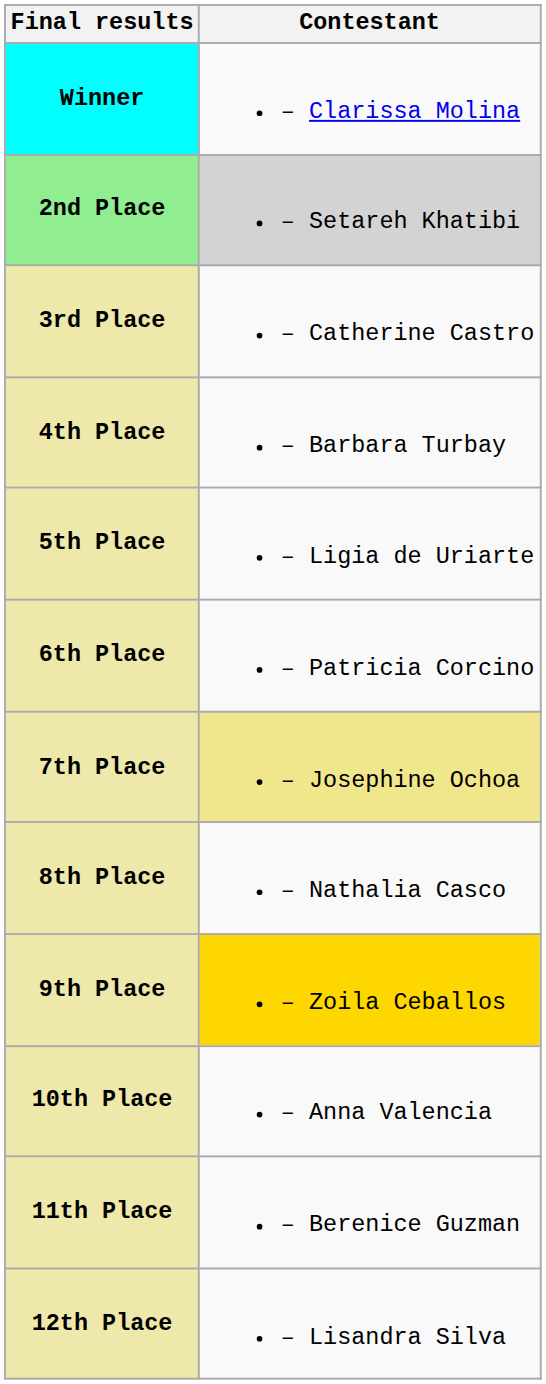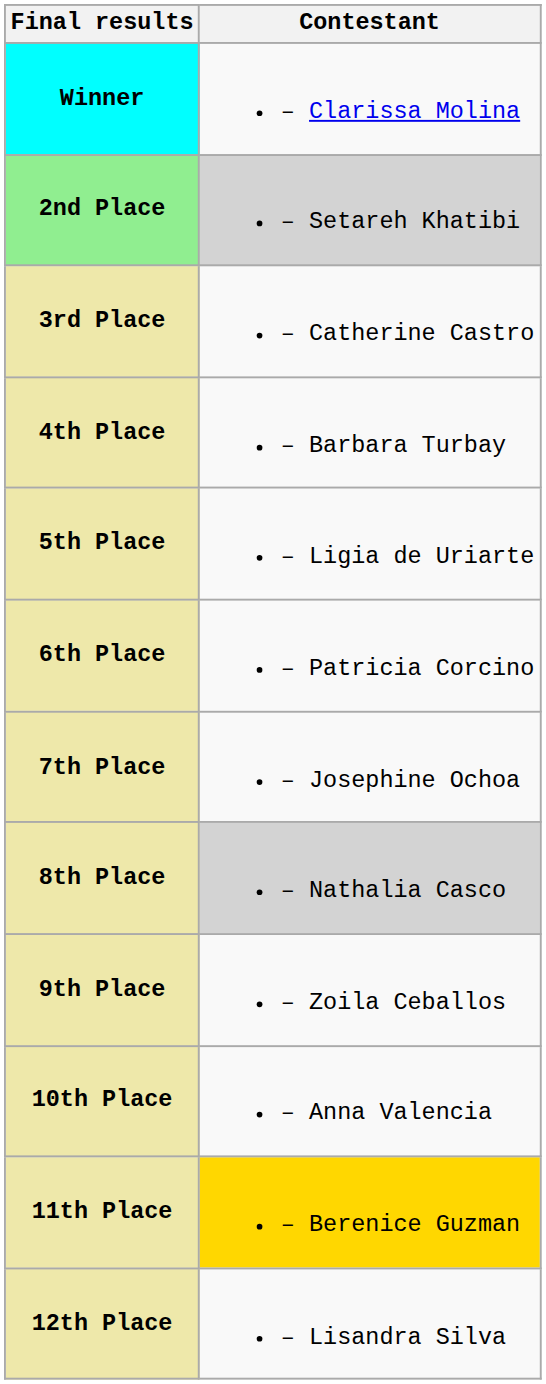 <table class="wikitable sortable" style="font-size: 95%;">
 <tr>
 <th>Final results</th>
 <th>Contestant</th>
 </tr>
 <tr>
 <td style="text-align:center; background:cyan;"><strong>Winner</strong></td>
 <td><br><ul><li><strong></strong> – <a href='#'>Clarissa Molina</a></li></ul></td>
 </tr>
 <tr>
 <td style="text-align:Center; background:lightgreen;"><strong>2nd Place</strong></td>
 <td style="background: lightgrey;"><br><ul><li><strong></strong> – Setareh Khatibi</li></ul></td>
 </tr>
 <tr>
 <td style="text-align:center; background:palegoldenrod;"><strong>3rd Place</strong></td>
 <td><br><ul><li><strong></strong> – Catherine Castro</li></ul></td>
 </tr>
 <tr>
 <td style="text-align:center; background:palegoldenrod;"><strong>4th Place</strong></td>
 <td><br><ul><li><strong></strong> – Barbara Turbay</li></ul></td>
 </tr>
 <tr>
 <td style="text-align:center; background:palegoldenrod;"><strong>5th Place</strong></td>
 <td><br><ul><li><strong></strong> – Ligia de Uriarte</li></ul></td>
 </tr>
 <tr>
 <td style="text-align:center; background:palegoldenrod;"><strong>6th Place</strong></td>
 <td><br><ul><li><strong></strong> – Patricia Corcino</li></ul></td>
 </tr>
 <tr>
 <td style="text-align:center; background:palegoldenrod;"><strong>7th Place</strong></td>
-<td style="background: khaki;"><br><ul><li><strong></strong> – Josephine Ochoa</li></ul></td>
+<td><br><ul><li><strong></strong> – Josephine Ochoa</li></ul></td>
 </tr>
 <tr>
 <td style="text-align:center; background:palegoldenrod;"><strong>8th Place</strong></td>
-<td><br><ul><li><strong></strong> – Nathalia Casco</li></ul></td>
+<td style="background: lightgrey;"><br><ul><li><strong></strong> – Nathalia Casco</li></ul></td>
 </tr>
 <tr>
 <td style="text-align:center; background:palegoldenrod;"><strong>9th Place</strong></td>
-<td style="background: gold;"><br><ul><li><strong></strong> – Zoila Ceballos</li></ul></td>
+<td><br><ul><li><strong></strong> – Zoila Ceballos</li></ul></td>
 </tr>
 <tr>
 <td style="text-align:center; background:palegoldenrod;"><strong>10th Place</strong></td>
 <td><br><ul><li><strong></strong> – Anna Valencia</li></ul></td>
 </tr>
 <tr>
 <td style="text-align:center; background:palegoldenrod;"><strong>11th Place</strong></td>
-<td><br><ul><li><strong></strong> – Berenice Guzman</li></ul></td>
+<td style="background: gold;"><br><ul><li><strong></strong> – Berenice Guzman</li></ul></td>
 </tr>
 <tr>
 <td style="text-align:center; background:palegoldenrod;"><strong>12th Place</strong></td>
 <td><br><ul><li><strong></strong> – Lisandra Silva</li></ul></td>
 </tr>
 </table>
